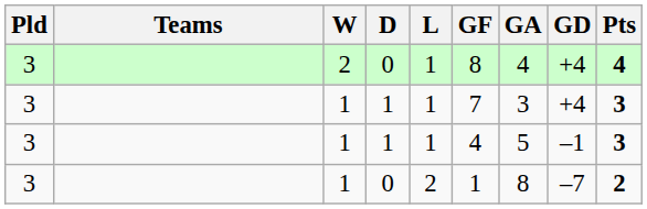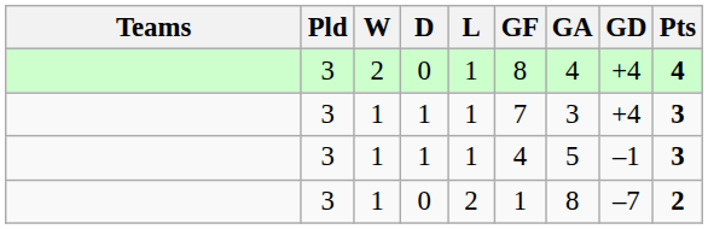 <table class="wikitable" style="text-align: center;">
 <tr>
+<th width=165>Teams</th>
 <th width=20>Pld</th>
-<th width=165>Teams</th>
 <th width=20>W</th>
 <th width=20>D</th>
 <th width=20>L</th>
 <th width=20>GF</th>
 <th width=20>GA</th>
 <th width=20>GD</th>
 <th width=20>Pts</th>
 </tr>
 <tr align=center style="background:#ccffcc;">
+<td style="text-align:left;"></td>
 <td>3</td>
-<td style="text-align:left;"></td>
 <td>2</td>
 <td>0</td>
 <td>1</td>
 <td>8</td>
 <td>4</td>
 <td>+4</td>
 <td><strong>4</strong></td>
 </tr>
 <tr align=center>
+<td style="text-align:left;"></td>
 <td>3</td>
-<td style="text-align:left;"></td>
 <td>1</td>
 <td>1</td>
 <td>1</td>
 <td>7</td>
 <td>3</td>
 <td>+4</td>
 <td><strong>3</strong></td>
 </tr>
 <tr align=center>
+<td style="text-align:left;"></td>
 <td>3</td>
-<td style="text-align:left;"></td>
 <td>1</td>
 <td>1</td>
 <td>1</td>
 <td>4</td>
 <td>5</td>
 <td>–1</td>
 <td><strong>3</strong></td>
 </tr>
 <tr align=center>
+<td style="text-align:left;"></td>
 <td>3</td>
-<td style="text-align:left;"></td>
 <td>1</td>
 <td>0</td>
 <td>2</td>
 <td>1</td>
 <td>8</td>
 <td>–7</td>
 <td><strong>2</strong></td>
 </tr>
 </table>
